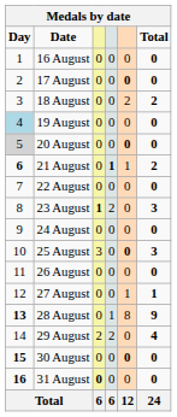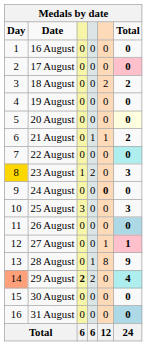 <table class="wikitable" style="font-size:85%; text-align:center;">
 <tr style="background:#efefef;">
 <th colspan=6><strong>Medals by date</strong></th>
 </tr>
 <tr>
 <td><strong>Day</strong></td>
 <td><strong>Date</strong></td>
 <td style="background:#F7F6A8;"></td>
 <td style="background:#DCE5E5;"></td>
 <td style="background:#FFDAB9;"></td>
 <td><strong>Total</strong></td>
 </tr>
 <tr>
 <td>1</td>
 <td>16 August</td>
 <td style="background:#F7F6A8;">0</td>
 <td style="background:#DCE5E5;">0</td>
 <td style="background:#FFDAB9;">0</td>
 <td><strong>0</strong></td>
 </tr>
 <tr>
 <td>2</td>
 <td>17 August</td>
 <td style="background:#F7F6A8;">0</td>
 <td style="background:#DCE5E5;">0</td>
-<td style="background:#FFDAB9;"><strong>0</strong></td>
-<td><strong>0</strong></td>
+<td style="background:#FFDAB9;">0</td>
+<td style="background: pink;"><strong>0</strong></td>
 </tr>
 <tr>
 <td>3</td>
 <td>18 August</td>
 <td style="background:#F7F6A8;">0</td>
 <td style="background:#DCE5E5;">0</td>
 <td style="background:#FFDAB9;">2</td>
 <td><strong>2</strong></td>
 </tr>
 <tr>
-<td style="background: lightblue;">4</td>
+<td>4</td>
 <td>19 August</td>
 <td style="background:#F7F6A8;">0</td>
 <td style="background:#DCE5E5;">0</td>
 <td style="background:#FFDAB9;">0</td>
 <td><strong>0</strong></td>
 </tr>
 <tr>
-<td style="background: lightgrey;">5</td>
+<td>5</td>
 <td>20 August</td>
 <td style="background:#F7F6A8;">0</td>
 <td style="background:#DCE5E5;">0</td>
-<td style="background:#FFDAB9;"><strong>0</strong></td>
-<td><strong>0</strong></td>
+<td style="background:#FFDAB9;">0</td>
+<td style="background: lightyellow;"><strong>0</strong></td>
 </tr>
 <tr>
-<td><strong>6</strong></td>
+<td>6</td>
 <td>21 August</td>
 <td style="background:#F7F6A8;">0</td>
-<td style="background:#DCE5E5;"><strong>1</strong></td>
+<td style="background:#DCE5E5;">1</td>
 <td style="background:#FFDAB9;">1</td>
 <td><strong>2</strong></td>
 </tr>
 <tr>
 <td>7</td>
 <td>22 August</td>
 <td style="background:#F7F6A8;">0</td>
 <td style="background:#DCE5E5;">0</td>
 <td style="background:#FFDAB9;">0</td>
-<td><strong>0</strong></td>
+<td style="background: paleturquoise;"><strong>0</strong></td>
 </tr>
 <tr>
-<td>8</td>
+<td style="background: gold;">8</td>
 <td>23 August</td>
-<td style="background:#F7F6A8;"><strong>1</strong></td>
+<td style="background:#F7F6A8;">1</td>
 <td style="background:#DCE5E5;">2</td>
 <td style="background:#FFDAB9;">0</td>
 <td><strong>3</strong></td>
 </tr>
 <tr>
 <td>9</td>
 <td>24 August</td>
 <td style="background:#F7F6A8;">0</td>
 <td style="background:#DCE5E5;">0</td>
-<td style="background:#FFDAB9;">0</td>
+<td style="background:#FFDAB9;"><strong>0</strong></td>
 <td><strong>0</strong></td>
 </tr>
 <tr>
 <td>10</td>
 <td>25 August</td>
 <td style="background:#F7F6A8;">3</td>
 <td style="background:#DCE5E5;">0</td>
-<td style="background:#FFDAB9;"><strong>0</strong></td>
+<td style="background:#FFDAB9;">0</td>
 <td><strong>3</strong></td>
 </tr>
 <tr>
 <td>11</td>
 <td>26 August</td>
 <td style="background:#F7F6A8;">0</td>
 <td style="background:#DCE5E5;">0</td>
 <td style="background:#FFDAB9;">0</td>
-<td><strong>0</strong></td>
+<td style="background: lightblue;"><strong>0</strong></td>
 </tr>
 <tr>
 <td>12</td>
 <td>27 August</td>
 <td style="background:#F7F6A8;">0</td>
 <td style="background:#DCE5E5;">0</td>
 <td style="background:#FFDAB9;">1</td>
-<td><strong>1</strong></td>
+<td style="background: pink;"><strong>1</strong></td>
 </tr>
 <tr>
-<td><strong>13</strong></td>
+<td>13</td>
 <td>28 August</td>
 <td style="background:#F7F6A8;">0</td>
 <td style="background:#DCE5E5;">1</td>
 <td style="background:#FFDAB9;">8</td>
 <td><strong>9</strong></td>
 </tr>
 <tr>
-<td>14</td>
+<td style="background: lightsalmon;">14</td>
 <td>29 August</td>
-<td style="background:#F7F6A8;">2</td>
+<td style="background:#F7F6A8;"><strong>2</strong></td>
 <td style="background:#DCE5E5;">2</td>
 <td style="background:#FFDAB9;">0</td>
-<td><strong>4</strong></td>
+<td style="background: paleturquoise;"><strong>4</strong></td>
 </tr>
 <tr>
-<td><strong>15</strong></td>
+<td>15</td>
 <td>30 August</td>
 <td style="background:#F7F6A8;">0</td>
 <td style="background:#DCE5E5;">0</td>
-<td style="background:#FFDAB9;"><strong>0</strong></td>
+<td style="background:#FFDAB9;">0</td>
 <td><strong>0</strong></td>
 </tr>
 <tr>
-<td><strong>16</strong></td>
+<td>16</td>
 <td>31 August</td>
-<td style="background:#F7F6A8;"><strong>0</strong></td>
+<td style="background:#F7F6A8;">0</td>
 <td style="background:#DCE5E5;">0</td>
 <td style="background:#FFDAB9;">0</td>
-<td><strong>0</strong></td>
+<td style="background: lightblue;"><strong>0</strong></td>
 </tr>
 <tr>
 <th colspan="2">Total</th>
 <th>6</th>
 <th>6</th>
 <th>12</th>
 <th>24</th>
 </tr>
 </table>
